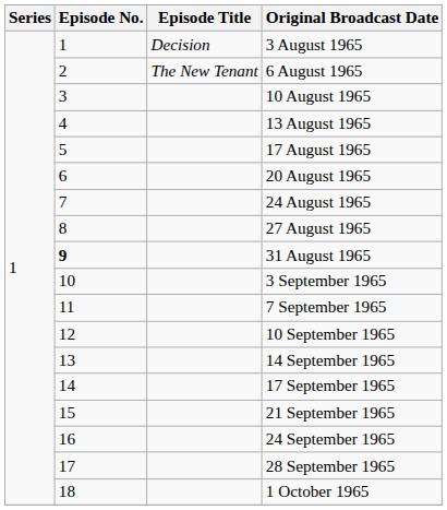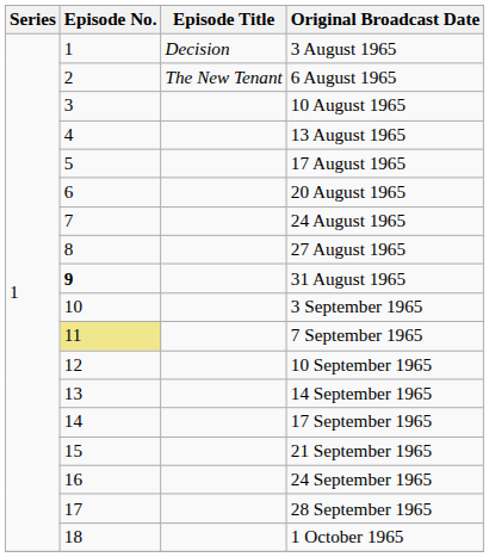 <table class="wikitable">
 <tr>
 <th>Series</th>
 <th>Episode No.</th>
 <th>Episode Title</th>
 <th>Original Broadcast Date</th>
 </tr>
 <tr>
 <td rowspan="18">1</td>
 <td>1</td>
 <td><em>Decision</em></td>
 <td>3 August 1965</td>
 </tr>
 <tr>
 <td>2</td>
 <td><em>The New Tenant</em></td>
 <td>6 August 1965</td>
 </tr>
 <tr>
 <td>3</td>
 <td></td>
 <td>10 August 1965</td>
 </tr>
 <tr>
 <td>4</td>
 <td></td>
 <td>13 August 1965</td>
 </tr>
 <tr>
 <td>5</td>
 <td></td>
 <td>17 August 1965</td>
 </tr>
 <tr>
 <td>6</td>
 <td></td>
 <td>20 August 1965</td>
 </tr>
 <tr>
 <td>7</td>
 <td></td>
 <td>24 August 1965</td>
 </tr>
 <tr>
 <td>8</td>
 <td></td>
 <td>27 August 1965</td>
 </tr>
 <tr>
 <td><strong>9</strong></td>
 <td></td>
 <td>31 August 1965</td>
 </tr>
 <tr>
 <td>10</td>
 <td></td>
 <td>3 September 1965</td>
 </tr>
 <tr>
-<td>11</td>
+<td style="background: khaki;">11</td>
 <td></td>
 <td>7 September 1965</td>
 </tr>
 <tr>
 <td>12</td>
 <td></td>
 <td>10 September 1965</td>
 </tr>
 <tr>
 <td>13</td>
 <td></td>
 <td>14 September 1965</td>
 </tr>
 <tr>
 <td>14</td>
 <td></td>
 <td>17 September 1965</td>
 </tr>
 <tr>
 <td>15</td>
 <td></td>
 <td>21 September 1965</td>
 </tr>
 <tr>
 <td>16</td>
 <td></td>
 <td>24 September 1965</td>
 </tr>
 <tr>
 <td>17</td>
 <td></td>
 <td>28 September 1965</td>
 </tr>
 <tr>
 <td>18</td>
 <td></td>
 <td>1 October 1965</td>
 </tr>
 <tr>
 </tr>
 </table>
